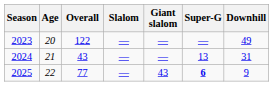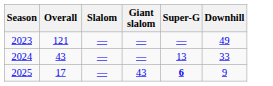 <table class=wikitable style="text-align:center">
 <tr>
 <th>Season</th>
-<th>Age</th>
 <th> Overall </th>
 <th> Slalom </th>
 <th>Giant<br> slalom </th>
 <th>Super-G</th>
 <th>Downhill<br> </th>
 </tr>
 <tr>
 <td><a href='#'>2023</a></td>
-<td><em>20</em></td>
-<td><a href='#'>122</a></td>
+<td><a href='#'>121</a></td>
 <td><a href='#'>—</a></td>
 <td><a href='#'>—</a></td>
 <td><a href='#'>—</a></td>
 <td><a href='#'>49</a></td>
 </tr>
 <tr>
 <td><a href='#'>2024</a></td>
-<td><em>21</em></td>
 <td><a href='#'>43</a></td>
 <td><a href='#'>—</a></td>
 <td><a href='#'>—</a></td>
 <td><a href='#'>13</a></td>
-<td><a href='#'>31</a></td>
+<td><a href='#'>33</a></td>
 </tr>
 <tr>
 <td><a href='#'>2025</a></td>
-<td><em>22</em></td>
-<td><a href='#'>77</a></td>
+<td><a href='#'>17</a></td>
 <td><a href='#'>—</a></td>
 <td><a href='#'>43</a></td>
 <td><strong><a href='#'>6</a></strong></td>
 <td><a href='#'>9</a></td>
 </tr>
 </table>
